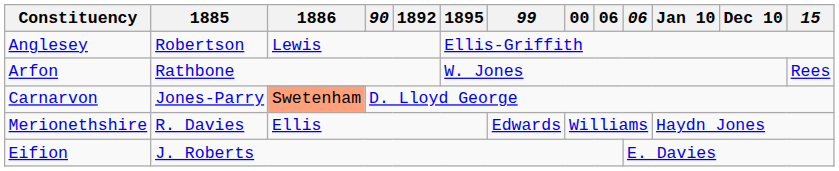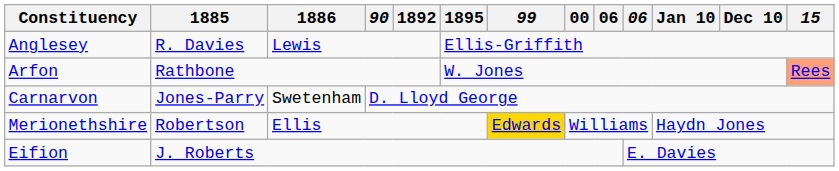 <table class="wikitable">
 <tr>
 <th>Constituency</th>
 <th>1885</th>
 <th>1886</th>
 <th><em>90</em></th>
 <th>1892</th>
 <th>1895</th>
 <th><em>99</em></th>
 <th>00</th>
 <th>06</th>
 <th><em>06</em></th>
 <th>Jan 10</th>
 <th>Dec 10</th>
 <th><em>15</em></th>
 </tr>
 <tr>
 <td><a href='#'>Anglesey</a></td>
-<td><a href='#'>Robertson</a></td>
+<td><a href='#'>R. Davies</a></td>
 <td colspan="3"><a href='#'>Lewis</a></td>
 <td colspan="8"><a href='#'>Ellis-Griffith</a></td>
 </tr>
 <tr>
 <td><a href='#'>Arfon</a></td>
 <td colspan="4"><a href='#'>Rathbone</a></td>
 <td colspan="7"><a href='#'>W. Jones</a></td>
-<td><a href='#'>Rees</a></td>
+<td style="background: lightsalmon;"><a href='#'>Rees</a></td>
 </tr>
 <tr>
 <td><a href='#'>Carnarvon</a></td>
 <td><a href='#'>Jones-Parry</a></td>
-<td style="background: lightsalmon;">Swetenham</td>
+<td>Swetenham</td>
 <td colspan="10"><a href='#'>D. Lloyd George</a></td>
 </tr>
 <tr>
 <td><a href='#'>Merionethshire</a></td>
-<td><a href='#'>R. Davies</a></td>
+<td><a href='#'>Robertson</a></td>
 <td colspan="4"><a href='#'>Ellis</a></td>
-<td><a href='#'>Edwards</a></td>
+<td style="background: gold;"><a href='#'>Edwards</a></td>
 <td colspan="3"><a href='#'>Williams</a></td>
 <td colspan="3"><a href='#'>Haydn Jones</a></td>
 </tr>
 <tr>
 <td><a href='#'>Eifion</a></td>
 <td colspan="8"><a href='#'>J. Roberts</a></td>
 <td colspan="4"><a href='#'>E. Davies</a></td>
 </tr>
 </table>
